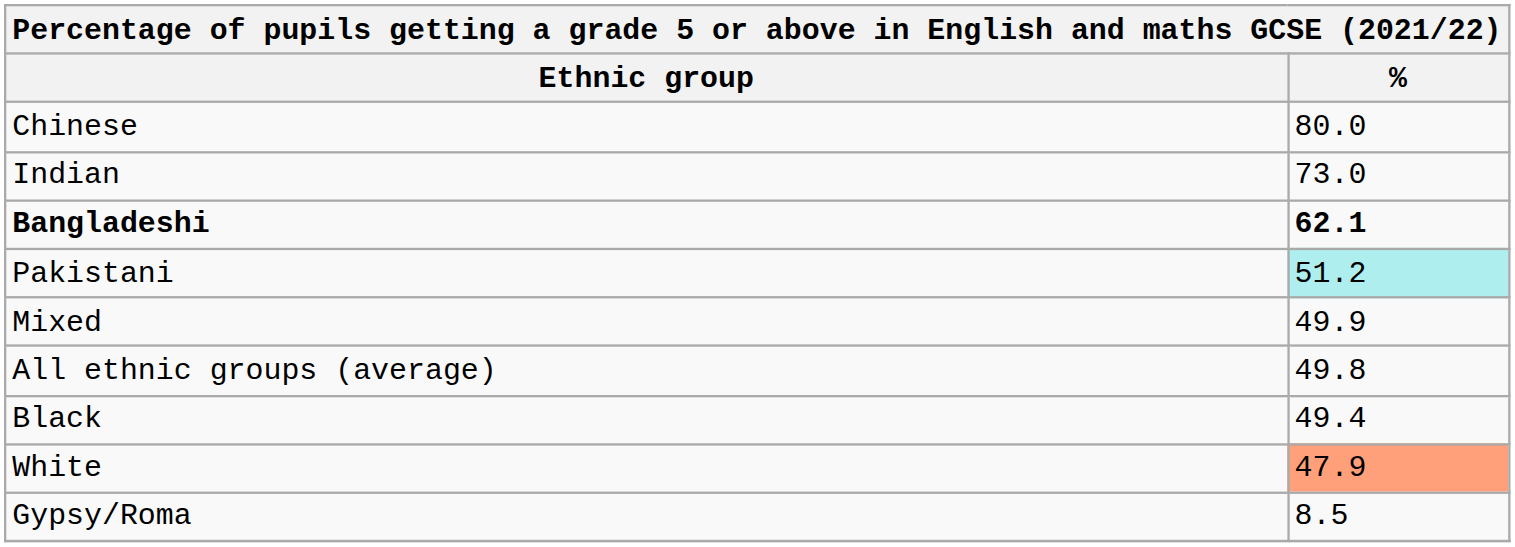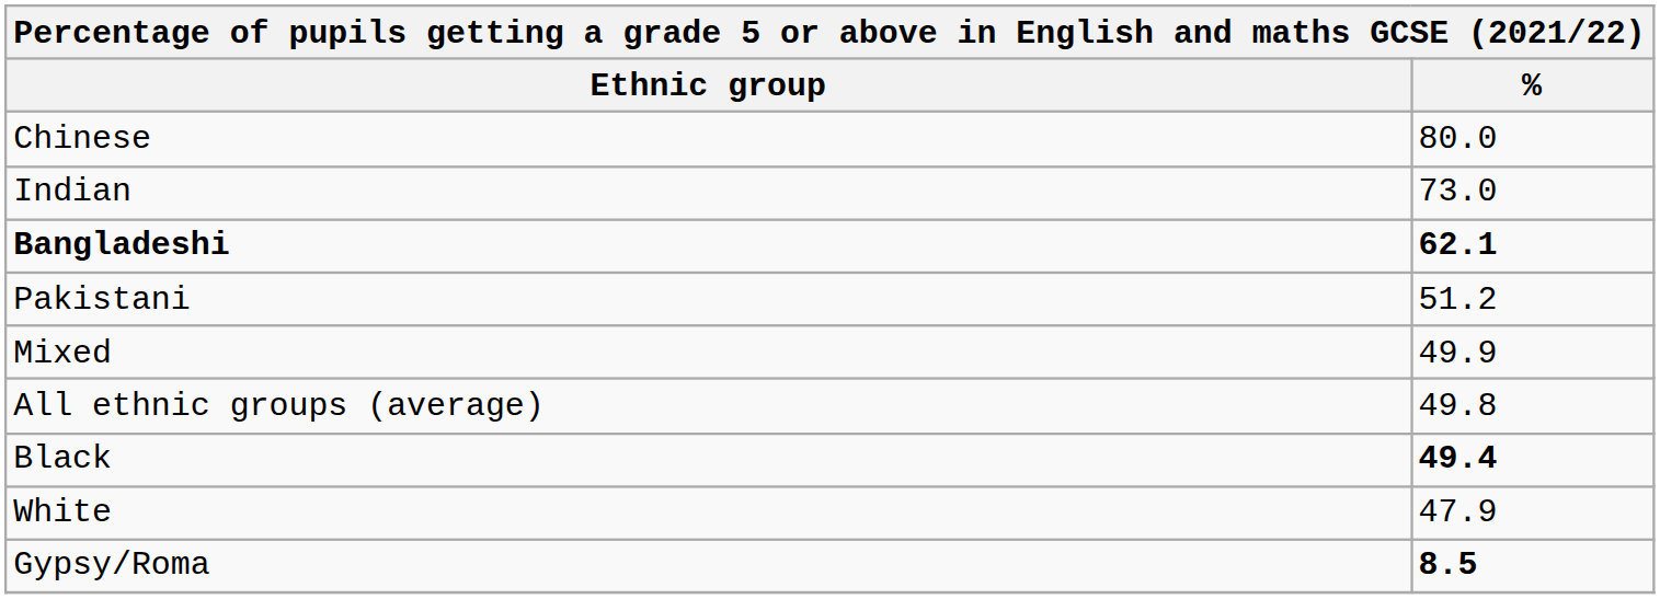 <table class="wikitable sortable">
 <tr>
 <th colspan="3">Percentage of pupils getting a grade 5 or above in English and maths GCSE (2021/22)</th>
 </tr>
 <tr>
 <th>Ethnic group</th>
 <th>%</th>
 </tr>
 <tr>
 <td>Chinese</td>
 <td>80.0</td>
 </tr>
 <tr>
 <td>Indian</td>
 <td>73.0</td>
 </tr>
 <tr>
 <td><strong>Bangladeshi</strong></td>
 <td><strong>62.1</strong></td>
 </tr>
 <tr>
 <td>Pakistani</td>
-<td style="background: paleturquoise;">51.2</td>
+<td>51.2</td>
 </tr>
 <tr>
 <td>Mixed</td>
 <td>49.9</td>
 </tr>
 <tr>
 <td>All ethnic groups (average)</td>
 <td>49.8</td>
 </tr>
 <tr>
 <td>Black</td>
-<td>49.4</td>
+<td><strong>49.4</strong></td>
 </tr>
 <tr>
 <td>White</td>
-<td style="background: lightsalmon;">47.9</td>
+<td>47.9</td>
 </tr>
 <tr>
 <td>Gypsy/Roma</td>
-<td>8.5</td>
+<td><strong>8.5</strong></td>
 </tr>
 <tr>
 </tr>
 </table>
